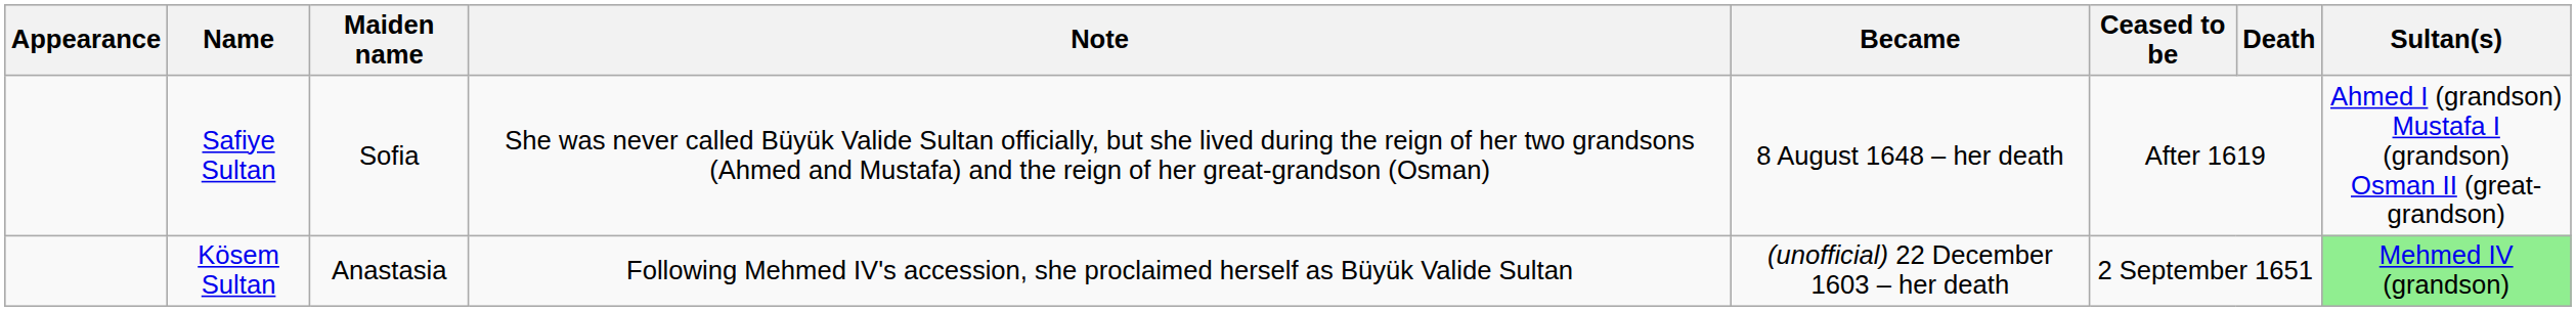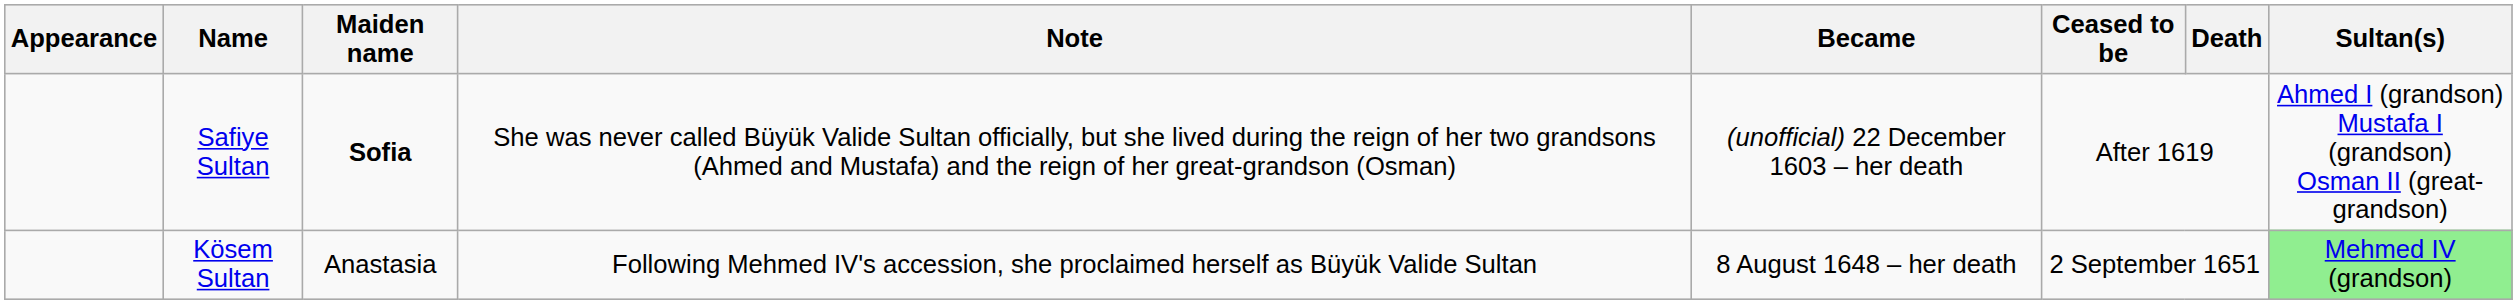 <table class="wikitable">
 <tr>
 <th>Appearance</th>
 <th>Name</th>
 <th>Maiden name</th>
 <th>Note</th>
 <th>Became </th>
 <th>Ceased to be </th>
 <th>Death</th>
 <th>Sultan(s)</th>
 </tr>
 <tr>
 <td></td>
 <td align=center><a href='#'>Safiye Sultan</a><br></td>
-<td align="center">Sofia</td>
+<td align="center"><strong>Sofia</strong></td>
 <td align="center">She was never called Büyük Valide Sultan officially, but she lived during the reign of her two grandsons (Ahmed and Mustafa) and the reign of her great-grandson (Osman)</td>
-<td align="center">8 August 1648 – her death</td>
+<td align="center"><em>(unofficial)</em> 22 December 1603 – her death</td>
 <td colspan="2" align="center">After 1619</td>
 <td align="center"><a href='#'>Ahmed I</a> (grandson)<br><a href='#'>Mustafa I</a> (grandson)<br><a href='#'>Osman II</a> (great-grandson)</td>
 </tr>
 <tr>
 <td></td>
 <td align=center><a href='#'>Kösem Sultan</a><br></td>
 <td align="center">Anastasia</td>
 <td align=center>Following Mehmed IV's accession, she proclaimed herself as Büyük Valide Sultan</td>
-<td align="center"><em>(unofficial)</em> 22 December 1603 – her death</td>
+<td align="center">8 August 1648 – her death</td>
 <td colspan="2" align="center">2 September 1651</td>
 <td align="center" style="background: lightgreen;"><a href='#'>Mehmed IV</a> (grandson)</td>
 </tr>
 </table>
